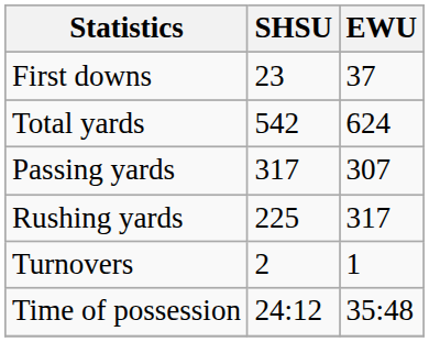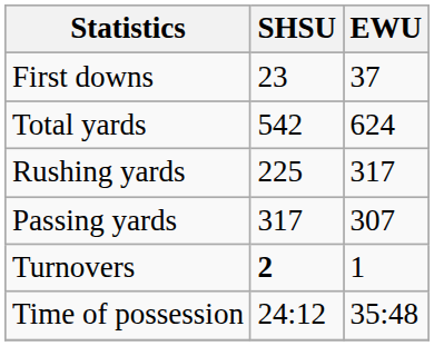 <table class="wikitable">
 <tr>
 <th>Statistics</th>
 <th>SHSU</th>
 <th>EWU</th>
 </tr>
 <tr>
 <td>First downs</td>
 <td>23</td>
 <td>37</td>
 </tr>
 <tr>
 <td>Total yards</td>
 <td>542</td>
 <td>624</td>
 </tr>
 <tr>
+<td>Rushing yards</td>
+<td>225</td>
+<td>317</td>
+</tr>
+<tr>
 <td>Passing yards</td>
 <td>317</td>
 <td>307</td>
 </tr>
 <tr>
-<td>Rushing yards</td>
-<td>225</td>
-<td>317</td>
-</tr>
-<tr>
 <td>Turnovers</td>
-<td>2</td>
+<td><strong>2</strong></td>
 <td>1</td>
 </tr>
 <tr>
 <td>Time of possession</td>
 <td>24:12</td>
 <td>35:48</td>
 </tr>
 <tr>
 </tr>
 </table>
